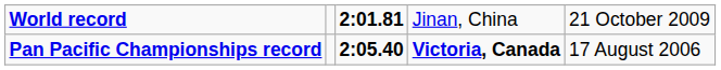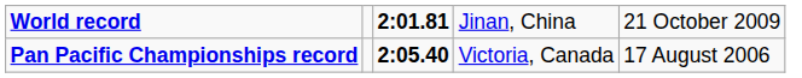 <table class="wikitable">
 <tr>
 <td><strong><a href='#'>World record</a></strong></td>
 <td></td>
 <td><strong>2:01.81</strong></td>
 <td><a href='#'>Jinan</a>, China</td>
 <td>21 October 2009</td>
 </tr>
 <tr>
 <td><strong><a href='#'>Pan Pacific Championships record</a></strong></td>
 <td></td>
 <td><strong>2:05.40</strong></td>
-<td><strong><a href='#'>Victoria</a>, Canada</strong></td>
+<td><a href='#'>Victoria</a>, Canada</td>
 <td>17 August 2006</td>
 </tr>
 </table>
